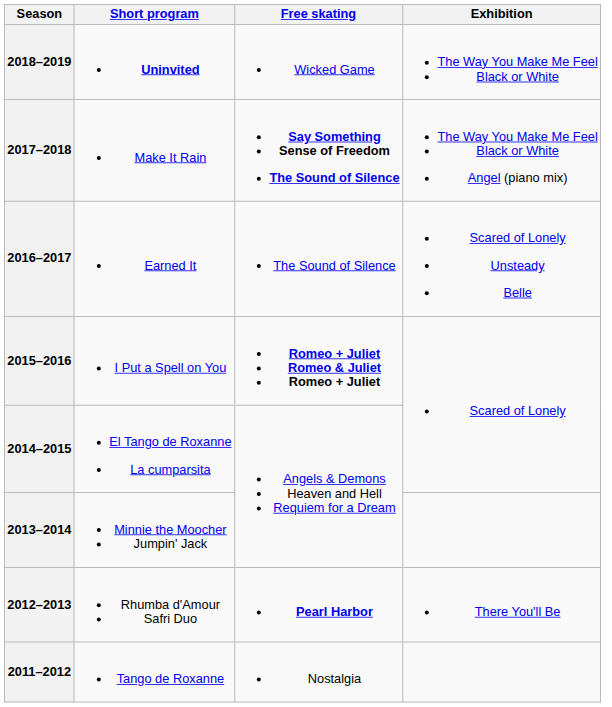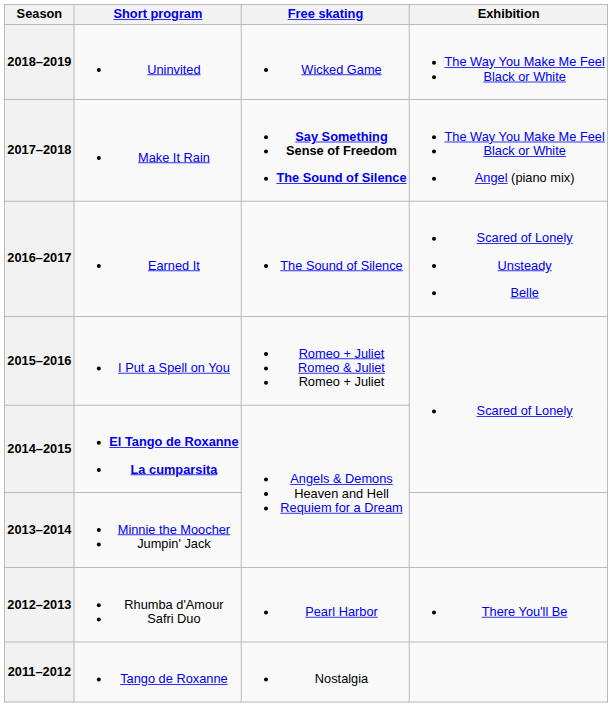 <table class=wikitable style=text-align:center>
 <tr>
 <th>Season</th>
 <th><a href='#'>Short program</a></th>
 <th><a href='#'>Free skating</a></th>
 <th>Exhibition</th>
 </tr>
 <tr>
 <th>2018–2019 <br></th>
-<td><strong><br><ul><li><a href='#'>Uninvited</a> <br></li></ul></strong></td>
+<td><br><ul><li><a href='#'>Uninvited</a> <br></li></ul></td>
 <td><br><ul><li><a href='#'>Wicked Game</a><br> </li></ul></td>
 <td><br><ul><li><a href='#'>The Way You Make Me Feel</a></li><li><a href='#'>Black or White</a> <br> </li></ul></td>
 </tr>
 <tr>
 <th>2017–2018 <br></th>
 <td><br><ul><li><a href='#'>Make It Rain</a> <br></li></ul></td>
 <td><strong><br><ul><li><a href='#'>Say Something</a> <br></li><li>Sense of Freedom <br></li></ul><ul><li><a href='#'>The Sound of Silence</a> <br></li></ul></strong></td>
 <td><br><ul><li><a href='#'>The Way You Make Me Feel</a></li><li><a href='#'>Black or White</a> <br> </li></ul><ul><li><a href='#'>Angel</a> (piano mix) <br> </li></ul></td>
 </tr>
 <tr>
 <th>2016–2017 <br></th>
 <td><br><ul><li><a href='#'>Earned It</a> <br></li></ul></td>
 <td><br><ul><li><a href='#'>The Sound of Silence</a> <br></li></ul></td>
 <td><br><ul><li><a href='#'>Scared of Lonely</a> <br></li></ul><ul><li><a href='#'>Unsteady</a> <br></li></ul><ul><li><a href='#'>Belle</a> <br></li></ul></td>
 </tr>
 <tr>
 <th>2015–2016 <br></th>
 <td><br><ul><li><a href='#'>I Put a Spell on You</a> <br></li></ul></td>
-<td><strong><br><ul><li><a href='#'>Romeo + Juliet</a> <br></li><li><a href='#'>Romeo & Juliet</a> <br></li><li>Romeo + Juliet <br></li></ul></strong></td>
+<td><br><ul><li><a href='#'>Romeo + Juliet</a> <br></li><li><a href='#'>Romeo & Juliet</a> <br></li><li>Romeo + Juliet <br></li></ul></td>
 <td rowspan=2><br><ul><li><a href='#'>Scared of Lonely</a> <br></li></ul></td>
 </tr>
 <tr>
 <th>2014–2015 <br></th>
-<td><br><ul><li><a href='#'>El Tango de Roxanne</a> <br></li></ul><ul><li><a href='#'>La cumparsita</a> <br></li></ul></td>
+<td><strong><br><ul><li><a href='#'>El Tango de Roxanne</a> <br></li></ul><ul><li><a href='#'>La cumparsita</a> <br></li></ul></strong></td>
 <td rowspan=2><br><ul><li><a href='#'>Angels & Demons</a> <br></li><li>Heaven and Hell <br></li><li><a href='#'>Requiem for a Dream</a> <br></li></ul></td>
 </tr>
 <tr>
 <th>2013–2014 <br></th>
 <td><br><ul><li><a href='#'>Minnie the Moocher</a> <br></li><li>Jumpin' Jack <br></li></ul></td>
 <td></td>
 </tr>
 <tr>
 <th>2012–2013 <br></th>
 <td><br><ul><li>Rhumba d'Amour</li><li>Safri Duo</li></ul></td>
-<td><strong><br><ul><li><a href='#'>Pearl Harbor</a> <br></li></ul></strong></td>
+<td><br><ul><li><a href='#'>Pearl Harbor</a> <br></li></ul></td>
 <td><br><ul><li><a href='#'>There You'll Be</a> <br></li></ul></td>
 </tr>
 <tr>
 <th>2011–2012 <br></th>
 <td><br><ul><li><a href='#'>Tango de Roxanne</a> <br></li></ul></td>
 <td><br><ul><li>Nostalgia <br></li></ul></td>
 <td></td>
 </tr>
 </table>
